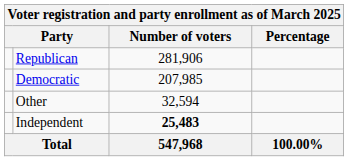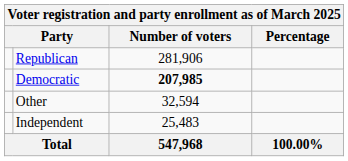 <table class="wikitable">
 <tr>
 <th colspan="6">Voter registration and party enrollment as of March 2025</th>
 </tr>
 <tr>
 <th colspan="2">Party</th>
 <th>Number of voters</th>
 <th>Percentage</th>
 </tr>
 <tr>
 <td></td>
 <td><a href='#'>Republican</a></td>
 <td style="text-align:center;">281,906</td>
 <td style="text-align:center;"></td>
 </tr>
 <tr>
 <td></td>
 <td><a href='#'>Democratic</a></td>
-<td style="text-align:center;">207,985</td>
+<td style="text-align:center;"><strong>207,985</strong></td>
 <td style="text-align:center;"></td>
 </tr>
 <tr>
 <td></td>
 <td>Other</td>
 <td style="text-align:center;">32,594</td>
 <td style="text-align:center;"></td>
 </tr>
 <tr>
 <td></td>
 <td>Independent</td>
-<td style="text-align:center;"><strong>25,483</strong></td>
+<td style="text-align:center;">25,483</td>
 <td style="text-align:center;"></td>
 </tr>
 <tr>
 <th colspan="2">Total</th>
 <th style="text-align:center;">547,968</th>
 <th style="text-align:center;">100.00%</th>
 </tr>
 </table>
